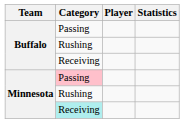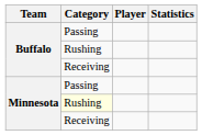 <table class="wikitable" style="float:right">
 <tr>
 <th>Team</th>
 <th>Category</th>
 <th>Player</th>
 <th>Statistics</th>
 </tr>
 <tr>
 <th rowspan=3>Buffalo</th>
 <td>Passing</td>
 <td></td>
 <td></td>
 </tr>
 <tr>
 <td>Rushing</td>
 <td></td>
 <td></td>
 </tr>
 <tr>
 <td>Receiving</td>
 <td></td>
 <td></td>
 </tr>
 <tr>
 <th rowspan=3>Minnesota</th>
-<td style="background: pink;">Passing</td>
+<td>Passing</td>
 <td></td>
 <td></td>
 </tr>
 <tr>
-<td>Rushing</td>
+<td style="background: lightyellow;">Rushing</td>
 <td></td>
 <td></td>
 </tr>
 <tr>
-<td style="background: paleturquoise;">Receiving</td>
+<td>Receiving</td>
 <td></td>
 <td></td>
 </tr>
 </table>
